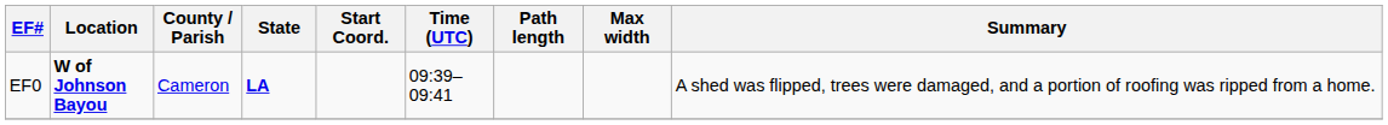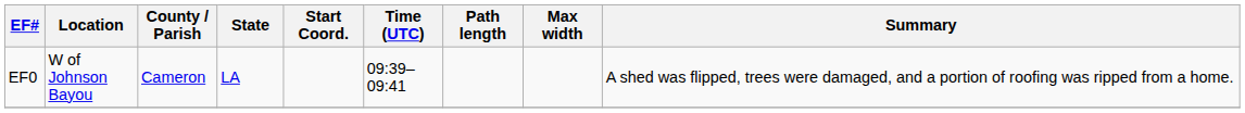 <table class="wikitable sortable" style="width:100%;">
 <tr>
 <th scope="col"  style="width:3%; text-align:center;"><a href='#'>EF#</a></th>
 <th scope="col"  style="width:7%; text-align:center;" class="unsortable">Location</th>
 <th scope="col"  style="width:6%; text-align:center;" class="unsortable">County / Parish</th>
 <th scope="col"  style="width:5%; text-align:center;">State</th>
 <th scope="col"  style="width:6%; text-align:center;">Start Coord.</th>
 <th scope="col"  style="width:6%; text-align:center;">Time (<a href='#'>UTC</a>)</th>
 <th scope="col"  style="width:6%; text-align:center;">Path length</th>
 <th scope="col"  style="width:6%; text-align:center;">Max width</th>
 <th scope="col" class="unsortable" style="width:48%; text-align:center;">Summary</th>
 </tr>
 <tr>
 <td>EF0</td>
-<td><strong>W of <a href='#'>Johnson Bayou</a></strong></td>
+<td>W of <a href='#'>Johnson Bayou</a></td>
 <td><a href='#'>Cameron</a></td>
-<td><strong><a href='#'>LA</a></strong></td>
+<td><a href='#'>LA</a></td>
 <td></td>
 <td>09:39–09:41</td>
 <td></td>
 <td></td>
 <td>A shed was flipped, trees were damaged, and a portion of roofing was ripped from a home.</td>
 </tr>
 <tr>
 </tr>
 </table>
